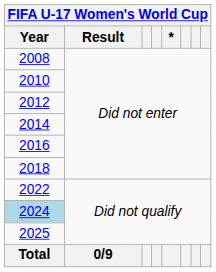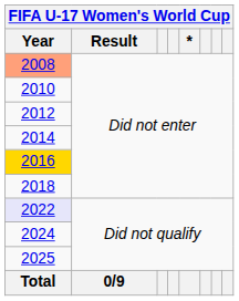 <table class="wikitable" style="text-align: center;">
 <tr>
 <th colspan=9><a href='#'>FIFA U-17 Women's World Cup</a></th>
 </tr>
 <tr>
 <th>Year</th>
 <th>Result</th>
 <th></th>
 <th></th>
 <th> *</th>
 <th></th>
 <th></th>
 <th></th>
 </tr>
 <tr>
-<td> <a href='#'>2008</a></td>
+<td style="background: lightsalmon;"> <a href='#'>2008</a></td>
 <td rowspan=6 colspan=8><em>Did not enter</em></td>
 </tr>
 <tr>
 <td> <a href='#'>2010</a></td>
 </tr>
 <tr>
 <td> <a href='#'>2012</a></td>
 </tr>
 <tr>
 <td> <a href='#'>2014</a></td>
 </tr>
 <tr>
-<td> <a href='#'>2016</a></td>
+<td style="background: gold;"> <a href='#'>2016</a></td>
 </tr>
 <tr>
 <td> <a href='#'>2018</a></td>
 </tr>
 <tr>
-<td> <a href='#'>2022</a></td>
+<td style="background: lavender;"> <a href='#'>2022</a></td>
 <td rowspan=3 colspan=8><em>Did not qualify</em></td>
 </tr>
 <tr>
-<td style="background: lightblue;"> <a href='#'>2024</a></td>
+<td> <a href='#'>2024</a></td>
 </tr>
 <tr>
 <td> <a href='#'>2025</a></td>
 </tr>
 <tr>
 <th>Total</th>
 <th>0/9</th>
 <th></th>
 <th></th>
 <th></th>
 <th></th>
 <th></th>
 <th></th>
 </tr>
 </table>
